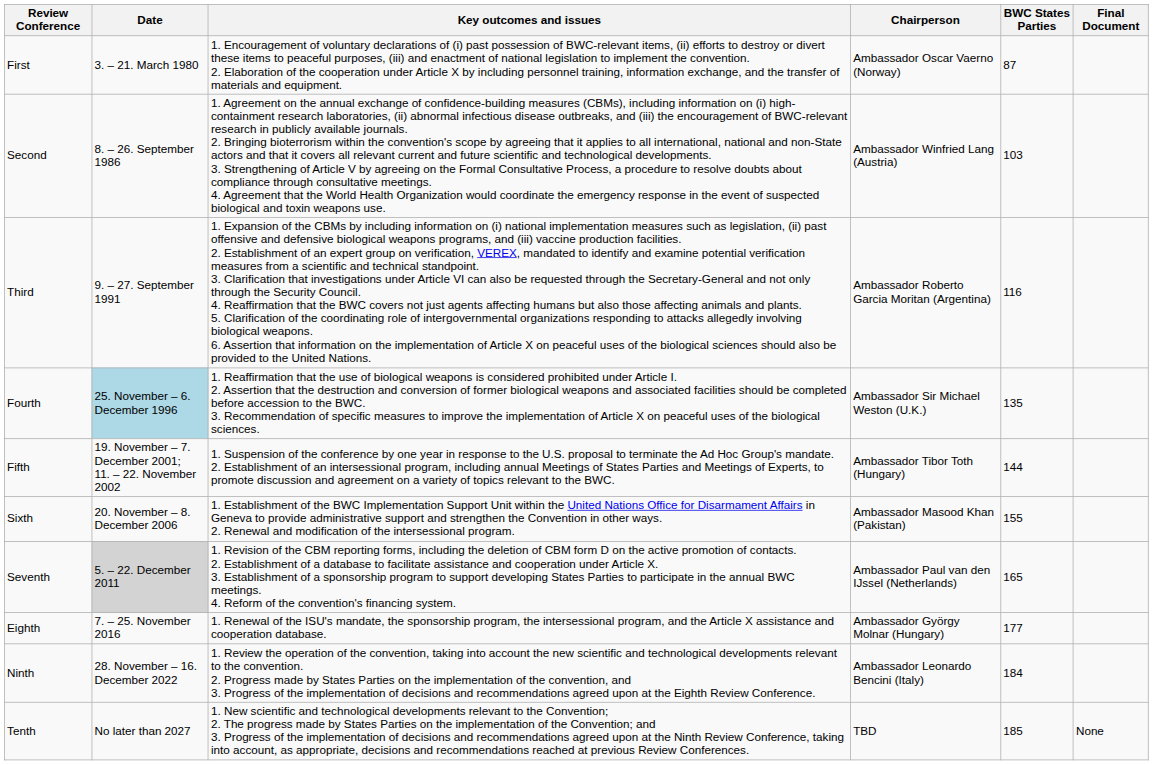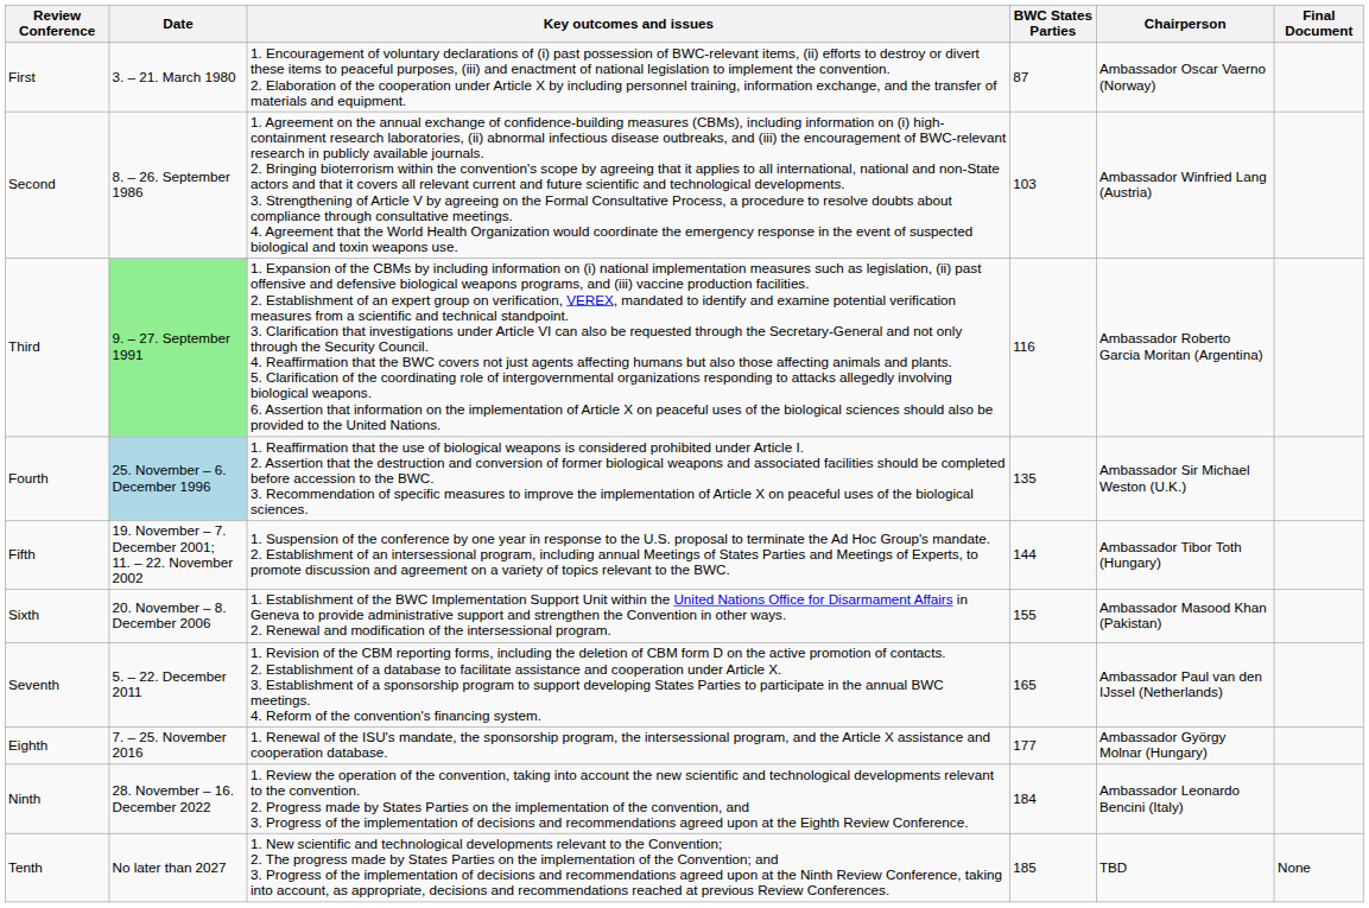 <table class="wikitable">
 <tr>
 <th>Review Conference</th>
 <th>Date</th>
 <th>Key outcomes and issues</th>
+<th>BWC States Parties</th>
 <th>Chairperson</th>
-<th>BWC States Parties</th>
 <th>Final Document</th>
 </tr>
 <tr>
 <td>First</td>
 <td>3. – 21. March 1980</td>
 <td>1. Encouragement of voluntary declarations of (i) past possession of BWC-relevant items, (ii) efforts to destroy or divert these items to peaceful purposes, (iii) and enactment of national legislation to implement the convention.<br>2. Elaboration of the cooperation under Article X by including personnel training, information exchange, and the transfer of materials and equipment.</td>
+<td>87</td>
 <td>Ambassador Oscar Vaerno (Norway)</td>
-<td>87</td>
 <td></td>
 </tr>
 <tr>
 <td>Second</td>
 <td>8. – 26. September 1986</td>
 <td>1. Agreement on the annual exchange of confidence-building measures (CBMs), including information on (i) high-containment research laboratories, (ii) abnormal infectious disease outbreaks, and (iii) the encouragement of BWC-relevant research in publicly available journals.<br>2. Bringing bioterrorism within the convention's scope by agreeing that it applies to all international, national and non-State actors and that it covers all relevant current and future scientific and technological developments.<br>3. Strengthening of Article V by agreeing on the Formal Consultative Process, a procedure to resolve doubts about compliance through consultative meetings.<br>4. Agreement that the World Health Organization would coordinate the emergency response in the event of suspected biological and toxin weapons use.</td>
+<td>103</td>
 <td>Ambassador Winfried Lang (Austria)</td>
-<td>103</td>
 <td></td>
 </tr>
 <tr>
 <td>Third</td>
-<td>9. – 27. September 1991</td>
+<td style="background: lightgreen;">9. – 27. September 1991</td>
 <td>1. Expansion of the CBMs by including information on (i) national implementation measures such as legislation, (ii) past offensive and defensive biological weapons programs, and (iii) vaccine production facilities.<br>2. Establishment of an expert group on verification, <a href='#'>VEREX</a>, mandated to identify and examine potential verification measures from a scientific and technical standpoint.<br>3. Clarification that investigations under Article VI can also be requested through the Secretary-General and not only through the Security Council.<br>4. Reaffirmation that the BWC covers not just agents affecting humans but also those affecting animals and plants.<br>5. Clarification of the coordinating role of intergovernmental organizations responding to attacks allegedly involving biological weapons.<br>6. Assertion that information on the implementation of Article X on peaceful uses of the biological sciences should also be provided to the United Nations.</td>
+<td>116</td>
 <td>Ambassador Roberto Garcia Moritan (Argentina)</td>
-<td>116</td>
 <td></td>
 </tr>
 <tr>
 <td>Fourth</td>
 <td style="background: lightblue;">25. November – 6. December 1996</td>
 <td>1. Reaffirmation that the use of biological weapons is considered prohibited under Article I.<br>2. Assertion that the destruction and conversion of former biological weapons and associated facilities should be completed before accession to the BWC.<br>3. Recommendation of specific measures to improve the implementation of Article X on peaceful uses of the biological sciences.</td>
+<td>135</td>
 <td>Ambassador Sir Michael Weston (U.K.)</td>
-<td>135</td>
 <td></td>
 </tr>
 <tr>
 <td>Fifth</td>
 <td>19. November – 7. December 2001;<br>11. – 22. November 2002</td>
 <td>1. Suspension of the conference by one year in response to the U.S. proposal to terminate the Ad Hoc Group's mandate.<br>2. Establishment of an intersessional program, including annual Meetings of States Parties and Meetings of Experts, to promote discussion and agreement on a variety of topics relevant to the BWC.</td>
+<td>144</td>
 <td>Ambassador Tibor Toth (Hungary)</td>
-<td>144</td>
 <td></td>
 </tr>
 <tr>
 <td>Sixth</td>
 <td>20. November – 8. December 2006</td>
 <td>1. Establishment of the BWC Implementation Support Unit within the <a href='#'>United Nations Office for Disarmament Affairs</a> in Geneva to provide administrative support and strengthen the Convention in other ways.<br>2. Renewal and modification of the intersessional program.</td>
+<td>155</td>
 <td>Ambassador Masood Khan (Pakistan)</td>
-<td>155</td>
 <td></td>
 </tr>
 <tr>
 <td>Seventh</td>
-<td style="background: lightgrey;">5. – 22. December 2011</td>
+<td>5. – 22. December 2011</td>
 <td>1. Revision of the CBM reporting forms, including the deletion of CBM form D on the active promotion of contacts.<br>2. Establishment of a database to facilitate assistance and cooperation under Article X.<br>3. Establishment of a sponsorship program to support developing States Parties to participate in the annual BWC meetings.<br>4. Reform of the convention's financing system.</td>
+<td>165</td>
 <td>Ambassador Paul van den IJssel (Netherlands)</td>
-<td>165</td>
 <td></td>
 </tr>
 <tr>
 <td>Eighth</td>
 <td>7. – 25. November 2016</td>
 <td>1. Renewal of the ISU's mandate, the sponsorship program, the intersessional program, and the Article X assistance and cooperation database.</td>
+<td>177</td>
 <td>Ambassador György Molnar (Hungary)</td>
-<td>177</td>
 <td></td>
 </tr>
 <tr>
 <td>Ninth</td>
 <td>28. November – 16. December 2022</td>
 <td>1. Review the operation of the convention, taking into account the new scientific and technological developments relevant to the convention.<br>2. Progress made by States Parties on the implementation of the convention, and<br>3. Progress of the implementation of decisions and recommendations agreed upon at the Eighth Review Conference.</td>
+<td>184</td>
 <td>Ambassador Leonardo Bencini (Italy)</td>
-<td>184</td>
 <td></td>
 </tr>
 <tr>
 <td>Tenth</td>
 <td>No later than 2027</td>
 <td>1. New scientific and technological developments relevant to the Convention;<br>2. The progress made by States Parties on the implementation of the Convention; and<br>3. Progress of the implementation of decisions and recommendations agreed upon at the Ninth Review Conference, taking into account, as appropriate, decisions and recommendations reached at previous Review Conferences.</td>
+<td>185</td>
 <td>TBD</td>
-<td>185</td>
 <td>None</td>
 </tr>
 </table>
